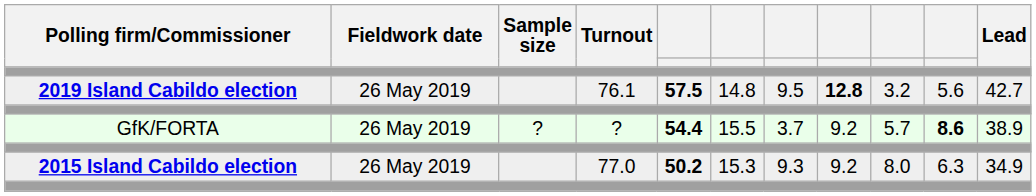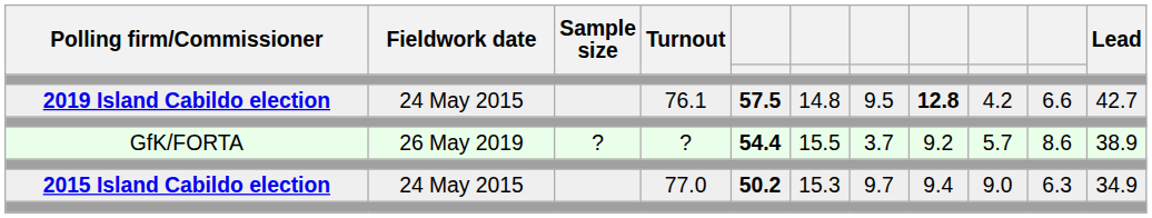 <table class="wikitable collapsible collapsed" style="text-align:center; font-size:95%; line-height:16px;">
 <tr style="height:42px;">
 <th style="width:250px;" rowspan="2">Polling firm/Commissioner</th>
 <th style="width:125px;" rowspan="2">Fieldwork date</th>
 <th style="width:50px;" rowspan="2">Sample size</th>
 <th style="width:45px;" rowspan="2">Turnout</th>
 <th style="width:35px;"></th>
 <th style="width:35px;"></th>
 <th style="width:35px;"></th>
 <th style="width:35px;"></th>
 <th style="width:35px;"></th>
 <th style="width:35px;"></th>
 <th style="width:30px;" rowspan="2">Lead</th>
 </tr>
 <tr>
 <th style="color:inherit;background:"></th>
 <th style="color:inherit;background:"></th>
 <th style="color:inherit;background:"></th>
 <th style="color:inherit;background:"></th>
 <th style="color:inherit;background:"></th>
 <th style="color:inherit;background:"></th>
 </tr>
 <tr>
 <td colspan="11" style="background:#A0A0A0"></td>
 </tr>
 <tr style="background:#EFEFEF;">
 <td><strong><a href='#'>2019 Island Cabildo election</a></strong></td>
-<td>26 May 2019</td>
+<td>24 May 2015</td>
 <td></td>
 <td>76.1</td>
 <td><strong>57.5</strong><br></td>
 <td>14.8<br></td>
 <td>9.5<br></td>
 <td><strong>12.8<br></strong></td>
-<td>3.2<br></td>
-<td>5.6<br></td>
+<td>4.2<br></td>
+<td>6.6<br></td>
 <td style="background:">42.7</td>
 </tr>
 <tr>
 <td colspan="11" style="background:#A0A0A0"></td>
 </tr>
 <tr style="background:#EAFFEA;">
 <td>GfK/FORTA</td>
 <td>26 May 2019</td>
 <td>?</td>
 <td>?</td>
 <td><strong>54.4</strong><br></td>
 <td>15.5<br></td>
 <td>3.7<br></td>
 <td>9.2<br></td>
 <td>5.7<br></td>
-<td><strong>8.6<br></strong></td>
+<td>8.6<br></td>
 <td style="background:">38.9</td>
 </tr>
 <tr>
 <td colspan="11" style="background:#A0A0A0"></td>
 </tr>
 <tr style="background:#EFEFEF;">
 <td><strong><a href='#'>2015 Island Cabildo election</a></strong></td>
-<td>26 May 2019</td>
+<td>24 May 2015</td>
 <td></td>
 <td>77.0</td>
 <td><strong>50.2</strong><br></td>
 <td>15.3<br></td>
-<td>9.3<br></td>
-<td>9.2<br></td>
-<td>8.0<br></td>
+<td>9.7<br></td>
+<td>9.4<br></td>
+<td>9.0<br></td>
 <td>6.3<br></td>
 <td style="background:">34.9</td>
 </tr>
 <tr>
 <td colspan="11" style="background:#A0A0A0"></td>
 </tr>
 </table>
